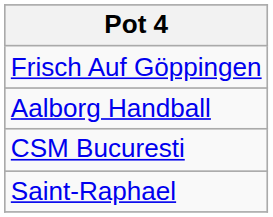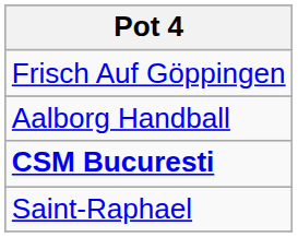 <table class="wikitable" style="float:left; margin-right:0.5em">
 <tr>
 <th>Pot 4</th>
 </tr>
 <tr>
 <td> <a href='#'>Frisch Auf Göppingen</a></td>
 </tr>
 <tr>
 <td> <a href='#'>Aalborg Handball</a></td>
 </tr>
 <tr>
-<td> <a href='#'>CSM Bucuresti</a></td>
+<td><strong> <a href='#'>CSM Bucuresti</a></strong></td>
 </tr>
 <tr>
 <td> <a href='#'>Saint-Raphael</a></td>
 </tr>
 </table>
